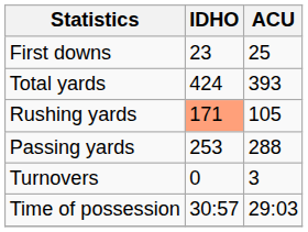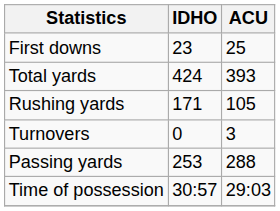 <table class="wikitable" style="float: left;">
 <tr>
 <th>Statistics</th>
 <th>IDHO</th>
 <th>ACU</th>
 </tr>
 <tr>
 <td>First downs</td>
 <td>23</td>
 <td>25</td>
 </tr>
 <tr>
 <td>Total yards</td>
 <td>424</td>
 <td>393</td>
 </tr>
 <tr>
 <td>Rushing yards</td>
-<td style="background: lightsalmon;">171</td>
+<td>171</td>
 <td>105</td>
+</tr>
+<tr>
+<td>Turnovers</td>
+<td>0</td>
+<td>3</td>
 </tr>
 <tr>
 <td>Passing yards</td>
 <td>253</td>
 <td>288</td>
-</tr>
-<tr>
-<td>Turnovers</td>
-<td>0</td>
-<td>3</td>
 </tr>
 <tr>
 <td>Time of possession</td>
 <td>30:57</td>
 <td>29:03</td>
 </tr>
 <tr>
 </tr>
 </table>
